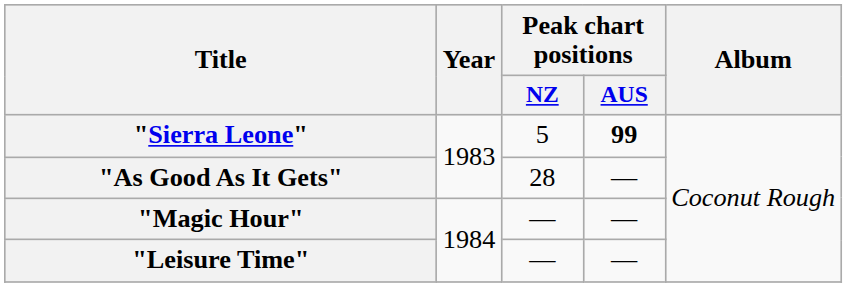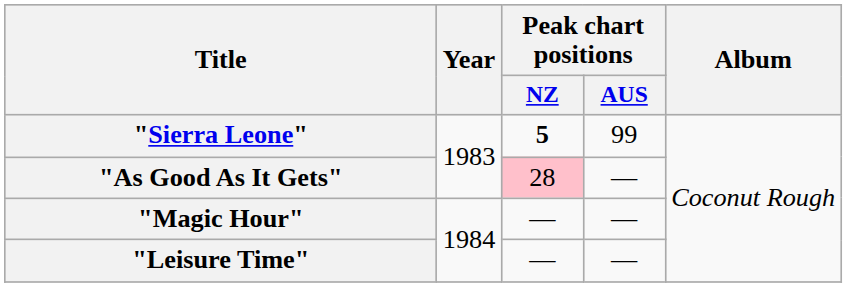 <table class="wikitable plainrowheaders" style="text-align:center;" border="1">
 <tr>
 <th scope="col" rowspan="2" style="width:16em;">Title</th>
 <th scope="col" rowspan="2">Year</th>
 <th scope="col" colspan="2">Peak chart positions</th>
 <th scope="col" rowspan="2">Album</th>
 </tr>
 <tr>
 <th scope="col" style="width:3em;font-size:90%;"><a href='#'>NZ</a><br></th>
 <th scope="col" style="width:3em;font-size:90%;"><a href='#'>AUS</a><br></th>
 </tr>
 <tr>
 <th scope="row">"<a href='#'>Sierra Leone</a>"</th>
 <td rowspan="2">1983</td>
-<td>5</td>
-<td><strong>99</strong></td>
+<td><strong>5</strong></td>
+<td>99</td>
 <td rowspan="4"><em>Coconut Rough</em></td>
 </tr>
 <tr>
 <th scope="row">"As Good As It Gets"</th>
-<td>28</td>
+<td style="background: pink;">28</td>
 <td>—</td>
 </tr>
 <tr>
 <th scope="row">"Magic Hour"</th>
 <td rowspan="2">1984</td>
 <td>—</td>
 <td>—</td>
 </tr>
 <tr>
 <th scope="row">"Leisure Time"</th>
 <td>—</td>
 <td>—</td>
 </tr>
 </table>
